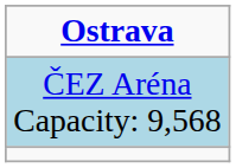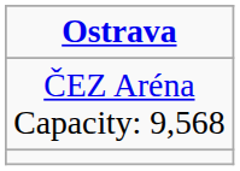 <table class="wikitable" style="text-align:center;">
 <tr>
 <td><strong><a href='#'>Ostrava</a></strong></td>
 </tr>
 <tr>
-<td style="background: lightblue;"><a href='#'>ČEZ Aréna</a><br>Capacity: 9,568</td>
+<td><a href='#'>ČEZ Aréna</a><br>Capacity: 9,568</td>
 </tr>
 <tr>
 <td></td>
 </tr>
 </table>
